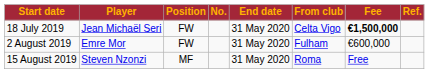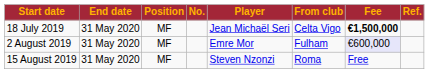 <table class="wikitable sortable">
 <tr>
 <th style="background:#a32638; color:#ffb300; ">Start date</th>
-<th style="background:#a32638; color:#ffb300; ">Player</th>
+<th style="background:#a32638; color:#ffb300; ">End date</th>
 <th style="background:#a32638; color:#ffb300; ">Position</th>
 <th style="background:#a32638; color:#ffb300; ">No.</th>
-<th style="background:#a32638; color:#ffb300; ">End date</th>
+<th style="background:#a32638; color:#ffb300; ">Player</th>
 <th style="background:#a32638; color:#ffb300; ">From club</th>
 <th style="background:#a32638; color:#ffb300; ">Fee</th>
 <th style="background:#a32638; color:#ffb300; ">Ref.</th>
 </tr>
 <tr>
 <td>18 July 2019</td>
+<td>31 May 2020</td>
+<td style="text-align:center;">MF</td>
+<td></td>
 <td style="text-align:left;"> <a href='#'>Jean Michaël Seri</a></td>
-<td style="text-align:center;">FW</td>
-<td></td>
-<td>31 May 2020</td>
 <td style="text-align:left;"> <a href='#'>Celta Vigo</a></td>
 <td><strong>€1,500,000 </strong></td>
 <td></td>
 </tr>
 <tr>
 <td>2 August 2019</td>
+<td>31 May 2020</td>
+<td style="text-align:center;">MF</td>
+<td></td>
 <td style="text-align:left;"> <a href='#'>Emre Mor</a></td>
-<td style="text-align:center;">FW</td>
-<td></td>
-<td>31 May 2020</td>
 <td style="text-align:left;"> <a href='#'>Fulham</a></td>
-<td>€600,000 </td>
+<td style="background: lavender;">€600,000 </td>
 <td></td>
 </tr>
 <tr>
 <td>15 August 2019</td>
-<td style="text-align:left;"> <a href='#'>Steven Nzonzi</a></td>
+<td>31 May 2020</td>
 <td style="text-align:center;">MF</td>
 <td></td>
-<td>31 May 2020</td>
+<td style="text-align:left;"> <a href='#'>Steven Nzonzi</a></td>
 <td style="text-align:left;"> <a href='#'>Roma</a></td>
 <td><a href='#'>Free</a></td>
 <td></td>
 </tr>
 </table>
